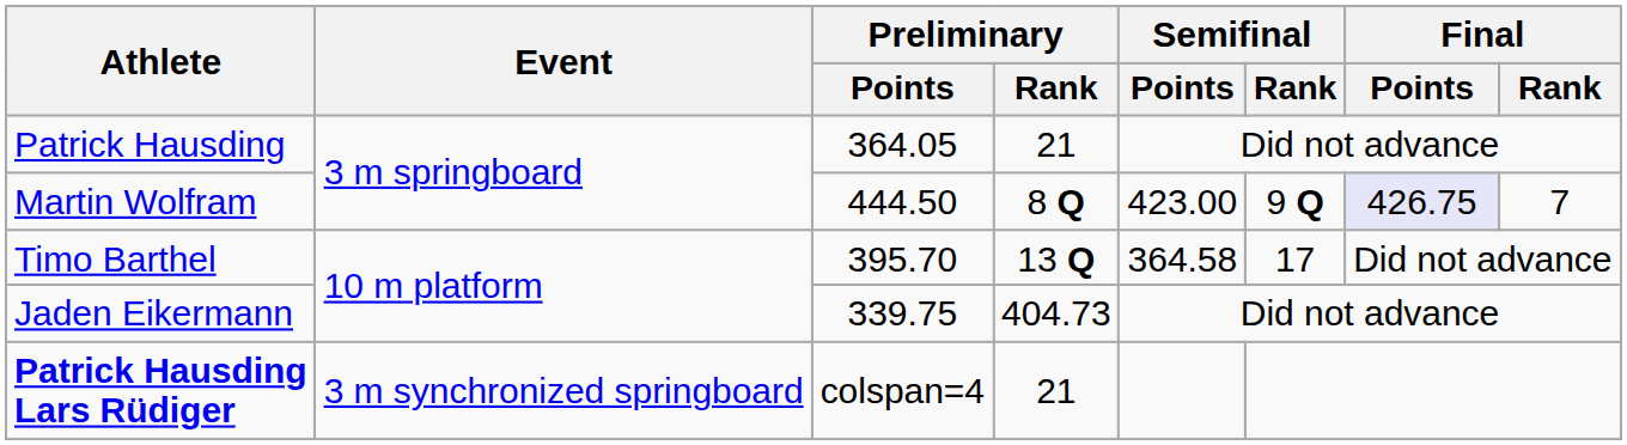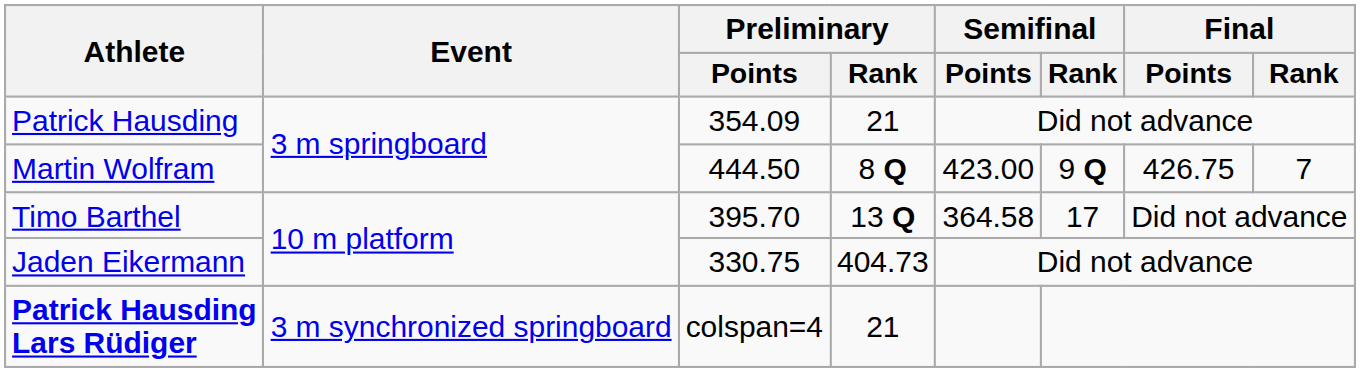 <table class=wikitable style="font-size:90%">
 <tr>
 <th rowspan="2">Athlete</th>
 <th rowspan="2">Event</th>
 <th colspan="2">Preliminary</th>
 <th colspan="2">Semifinal</th>
 <th colspan="2">Final</th>
 </tr>
 <tr style="font-size:95%">
 <th>Points</th>
 <th>Rank</th>
 <th>Points</th>
 <th>Rank</th>
 <th>Points</th>
 <th>Rank</th>
 </tr>
 <tr align=center>
 <td align=left><a href='#'>Patrick Hausding</a></td>
 <td align=left rowspan=2><a href='#'>3 m springboard</a></td>
-<td>364.05</td>
+<td>354.09</td>
 <td>21</td>
 <td colspan=4>Did not advance</td>
 </tr>
 <tr align=center>
 <td align=left><a href='#'>Martin Wolfram</a></td>
 <td>444.50</td>
 <td>8 <strong>Q</strong></td>
 <td>423.00</td>
 <td>9 <strong>Q</strong></td>
-<td style="background: lavender;">426.75</td>
+<td>426.75</td>
 <td>7</td>
 </tr>
 <tr align=center>
 <td align=left><a href='#'>Timo Barthel</a></td>
 <td align=left rowspan=2><a href='#'>10 m platform</a></td>
 <td>395.70</td>
 <td>13 <strong>Q</strong></td>
 <td>364.58</td>
 <td>17</td>
 <td colspan=2>Did not advance</td>
 </tr>
 <tr align=center>
 <td align=left><a href='#'>Jaden Eikermann</a></td>
-<td>339.75</td>
+<td>330.75</td>
 <td>404.73</td>
 <td colspan=4>Did not advance</td>
 </tr>
 <tr align=center>
 <td align=left><strong><a href='#'>Patrick Hausding</a><br><a href='#'>Lars Rüdiger</a></strong></td>
 <td align=left><a href='#'>3 m synchronized springboard</a></td>
 <td>colspan=4 </td>
 <td>21</td>
 <td></td>
 </tr>
 </table>
